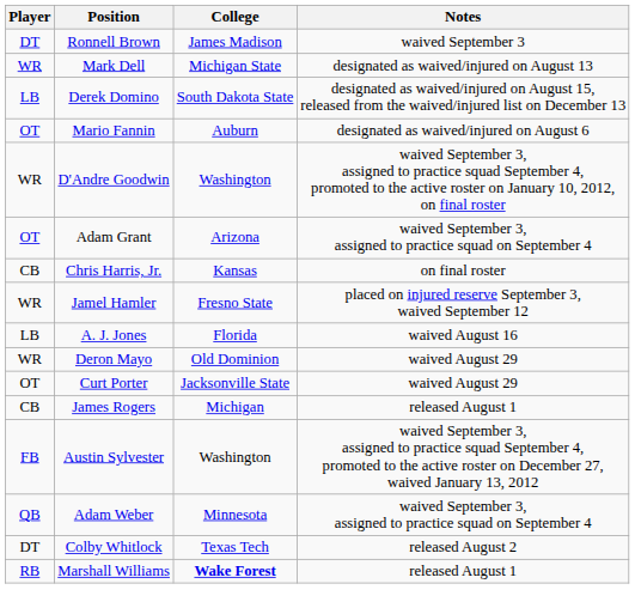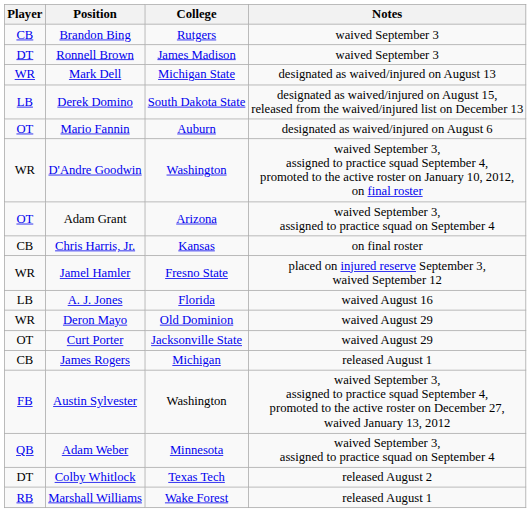 <table class="wikitable" style="text-align:center">
 <tr>
 <th>Player</th>
 <th>Position</th>
 <th>College</th>
 <th>Notes</th>
+</tr>
+<tr>
+<td><a href='#'>CB</a></td>
+<td><a href='#'>Brandon Bing</a></td>
+<td><a href='#'>Rutgers</a></td>
+<td>waived September 3</td>
 </tr>
 <tr>
 <td><a href='#'>DT</a></td>
 <td><a href='#'>Ronnell Brown</a></td>
 <td><a href='#'>James Madison</a></td>
 <td>waived September 3</td>
 </tr>
 <tr>
 <td><a href='#'>WR</a></td>
 <td><a href='#'>Mark Dell</a></td>
 <td><a href='#'>Michigan State</a></td>
 <td>designated as waived/injured on August 13</td>
 </tr>
 <tr>
 <td><a href='#'>LB</a></td>
 <td><a href='#'>Derek Domino</a></td>
 <td><a href='#'>South Dakota State</a></td>
 <td>designated as waived/injured on August 15,<br>released from the waived/injured list on December 13</td>
 </tr>
 <tr>
 <td><a href='#'>OT</a></td>
 <td><a href='#'>Mario Fannin</a></td>
 <td><a href='#'>Auburn</a></td>
 <td>designated as waived/injured on August 6</td>
 </tr>
 <tr>
 <td>WR</td>
 <td><a href='#'>D'Andre Goodwin</a></td>
 <td><a href='#'>Washington</a></td>
 <td>waived September 3,<br>assigned to practice squad September 4,<br>promoted to the active roster on January 10, 2012,<br>on <a href='#'>final roster</a></td>
 </tr>
 <tr>
 <td><a href='#'>OT</a></td>
 <td>Adam Grant</td>
 <td><a href='#'>Arizona</a></td>
 <td>waived September 3,<br>assigned to practice squad on September 4</td>
 </tr>
 <tr>
 <td>CB</td>
 <td><a href='#'>Chris Harris, Jr.</a></td>
 <td><a href='#'>Kansas</a></td>
 <td>on final roster</td>
 </tr>
 <tr>
 <td>WR</td>
 <td><a href='#'>Jamel Hamler</a></td>
 <td><a href='#'>Fresno State</a></td>
 <td>placed on <a href='#'>injured reserve</a> September 3,<br>waived September 12</td>
 </tr>
 <tr>
 <td>LB</td>
 <td><a href='#'>A. J. Jones</a></td>
 <td><a href='#'>Florida</a></td>
 <td>waived August 16</td>
 </tr>
 <tr>
 <td>WR</td>
 <td><a href='#'>Deron Mayo</a></td>
 <td><a href='#'>Old Dominion</a></td>
 <td>waived August 29</td>
 </tr>
 <tr>
 <td>OT</td>
 <td><a href='#'>Curt Porter</a></td>
 <td><a href='#'>Jacksonville State</a></td>
 <td>waived August 29</td>
 </tr>
 <tr>
 <td>CB</td>
 <td><a href='#'>James Rogers</a></td>
 <td><a href='#'>Michigan</a></td>
 <td>released August 1</td>
 </tr>
 <tr>
 <td><a href='#'>FB</a></td>
 <td><a href='#'>Austin Sylvester</a></td>
 <td>Washington</td>
 <td>waived September 3,<br>assigned to practice squad September 4,<br>promoted to the active roster on December 27,<br>waived January 13, 2012</td>
 </tr>
 <tr>
 <td><a href='#'>QB</a></td>
 <td><a href='#'>Adam Weber</a></td>
 <td><a href='#'>Minnesota</a></td>
 <td>waived September 3,<br>assigned to practice squad on September 4</td>
 </tr>
 <tr>
 <td>DT</td>
 <td><a href='#'>Colby Whitlock</a></td>
 <td><a href='#'>Texas Tech</a></td>
 <td>released August 2</td>
 </tr>
 <tr>
 <td><a href='#'>RB</a></td>
 <td><a href='#'>Marshall Williams</a></td>
-<td><strong><a href='#'>Wake Forest</a></strong></td>
+<td><a href='#'>Wake Forest</a></td>
 <td>released August 1</td>
 </tr>
 </table>
